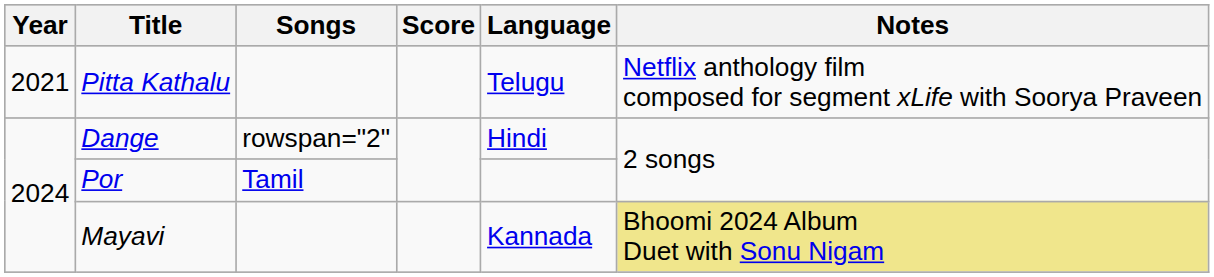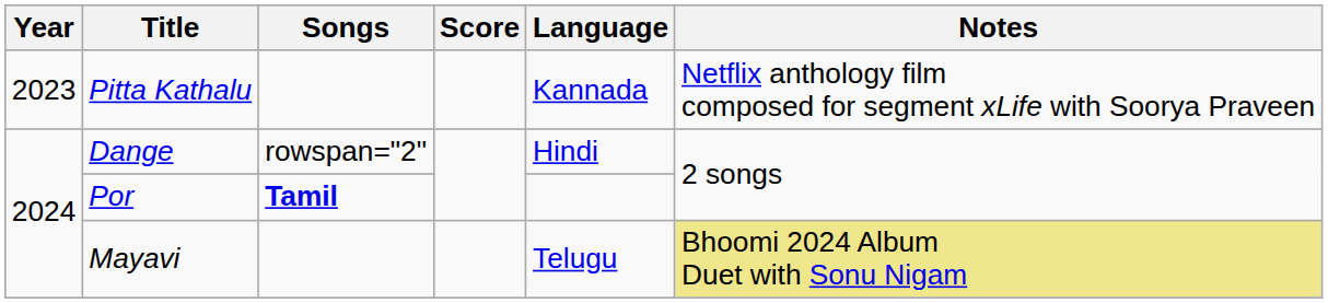 <table class="wikitable" border="1">
 <tr>
 <th>Year</th>
 <th>Title</th>
 <th>Songs</th>
 <th>Score</th>
 <th>Language</th>
 <th>Notes</th>
 </tr>
 <tr>
-<td>2021</td>
+<td>2023</td>
 <td><em><a href='#'>Pitta Kathalu</a></em></td>
 <td></td>
 <td></td>
-<td><a href='#'>Telugu</a></td>
+<td><a href='#'>Kannada</a></td>
 <td><a href='#'>Netflix</a> anthology film<br>composed for segment <em>xLife</em> with Soorya Praveen</td>
 </tr>
 <tr>
 <td rowspan="3">2024</td>
 <td><em><a href='#'>Dange</a></em></td>
 <td>rowspan="2" </td>
 <td rowspan="2"></td>
 <td><a href='#'>Hindi</a></td>
 <td rowspan="2">2 songs</td>
 </tr>
 <tr>
 <td><em><a href='#'>Por</a></em></td>
-<td><a href='#'>Tamil</a></td>
+<td><strong><a href='#'>Tamil</a></strong></td>
 </tr>
 <tr>
 <td><em>Mayavi</em></td>
 <td></td>
 <td></td>
-<td><a href='#'>Kannada</a></td>
+<td><a href='#'>Telugu</a></td>
 <td style="background: khaki;">Bhoomi 2024 Album <br> Duet with <a href='#'>Sonu Nigam</a></td>
 </tr>
 </table>
